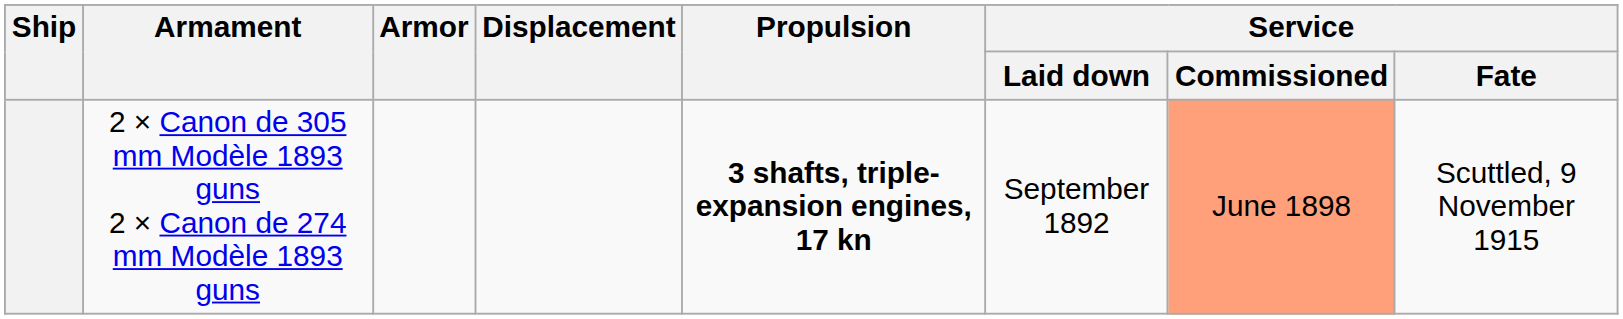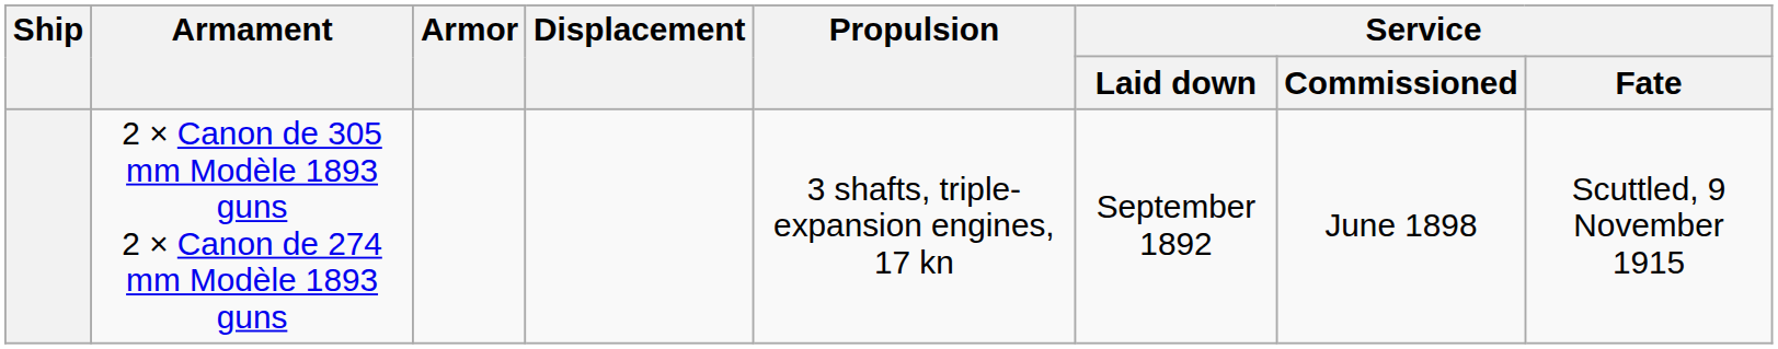 <table class="wikitable plainrowheaders" style="text-align: center;">
 <tr valign="top">
 <th scope="col" rowspan="2">Ship</th>
 <th scope="col" rowspan="2">Armament</th>
 <th scope="col" rowspan="2">Armor</th>
 <th scope="col" rowspan="2">Displacement</th>
 <th scope="col" rowspan="2">Propulsion</th>
 <th scope="col" colspan="3">Service</th>
 </tr>
 <tr valign="top">
 <th scope="col">Laid down</th>
 <th scope="col">Commissioned</th>
 <th scope="col">Fate</th>
 </tr>
 <tr valign="center">
 <th scope="row"></th>
 <td>2 × <a href='#'>Canon de 305 mm Modèle 1893 guns</a><br>2 × <a href='#'>Canon de 274 mm Modèle 1893 guns</a></td>
 <td></td>
 <td></td>
-<td><strong>3 shafts, triple-expansion engines, 17 kn</strong></td>
+<td>3 shafts, triple-expansion engines, 17 kn</td>
 <td>September 1892</td>
-<td style="background: lightsalmon;">June 1898</td>
+<td>June 1898</td>
 <td>Scuttled, 9 November 1915</td>
 </tr>
 </table>
